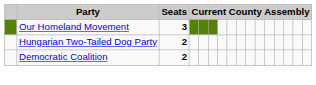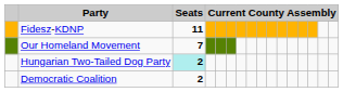 <table class="wikitable">
 <tr>
 <th style="background:#ccc">   </th>
 <th style="background:#ccc">Party</th>
 <th style="background:#ccc">Seats</th>
 <th style="background:#ccc" colspan="13">Current County Assembly</th>
 </tr>
 <tr>
+<td style="background-color: #FFB400"> </td>
+<td><a href='#'>Fidesz</a>-<a href='#'>KDNP</a></td>
+<td style="text-align: right"><strong>11</strong></td>
+<td style="background-color: #FFB400"> </td>
+<td style="background-color: #FFB400"> </td>
+<td style="background-color: #FFB400"> </td>
+<td style="background-color: #FFB400"> </td>
+<td style="background-color: #FFB400"> </td>
+<td style="background-color: #FFB400"> </td>
+<td style="background-color: #FFB400"> </td>
+<td style="background-color: #FFB400"> </td>
+<td style="background-color: #FFB400"> </td>
+<td style="background-color: #FFB400"> </td>
+<td style="background-color: #FFB400"> </td>
+<td> </td>
+<td> </td>
+</tr>
+<tr>
 <td style="background-color: #568203"> </td>
 <td><a href='#'>Our Homeland Movement</a></td>
-<td style="text-align: right"><strong>3</strong></td>
+<td style="text-align: right"><strong>7</strong></td>
 <td style="background-color: #568203"> </td>
 <td style="background-color: #568203"> </td>
 <td style="background-color: #568203"> </td>
 <td> </td>
 <td> </td>
 <td> </td>
 <td> </td>
 <td> </td>
 <td> </td>
 <td> </td>
 <td> </td>
 <td> </td>
 </tr>
 <tr>
 <td style="background-color: "> </td>
 <td><a href='#'>Hungarian Two-Tailed Dog Party</a></td>
-<td style="text-align: right"><strong>2</strong></td>
+<td style="background: paleturquoise; text-align: right"><strong>2</strong></td>
 <td style="background-color: "> </td>
 <td style="background-color: "> </td>
 <td> </td>
 <td> </td>
 <td> </td>
 <td> </td>
 <td> </td>
 <td> </td>
 <td> </td>
 <td> </td>
 <td> </td>
 <td> </td>
 <td> </td>
 </tr>
 <tr>
 <td style="background-color: "> </td>
 <td><a href='#'>Democratic Coalition</a></td>
 <td style="text-align: right"><strong>2</strong></td>
 <td style="background-color: "> </td>
 <td style="background-color: "> </td>
 <td> </td>
 <td> </td>
 <td> </td>
 <td> </td>
 <td> </td>
 <td> </td>
 <td> </td>
 <td> </td>
 <td> </td>
 <td> </td>
 <td> </td>
 </tr>
 </table>
